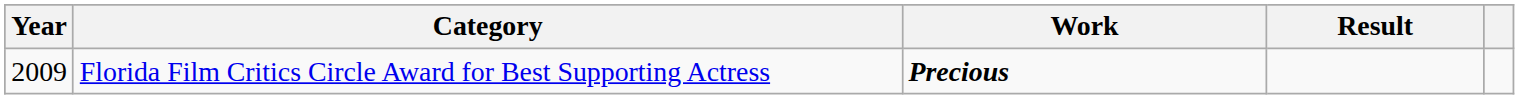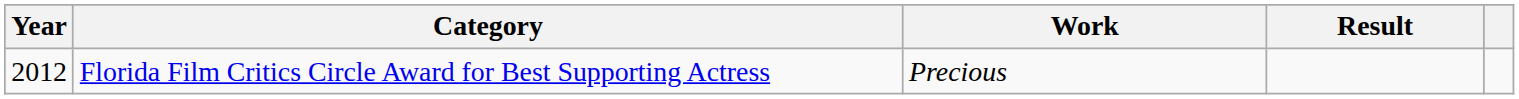 <table class="wikitable">
 <tr>
 <th scope="col" style="width:1em;">Year</th>
 <th scope="col" style="width:44em;">Category</th>
 <th scope="col" style="width:18em;">Work</th>
 <th scope="col" style="width:10em;">Result</th>
 <th class="unsortable" style="width:1em;"></th>
 </tr>
 <tr>
-<td>2009</td>
+<td>2012</td>
 <td><a href='#'>Florida Film Critics Circle Award for Best Supporting Actress</a></td>
-<td><strong><em>Precious</em></strong></td>
+<td><em>Precious</em></td>
 <td></td>
 <td></td>
 </tr>
 </table>
